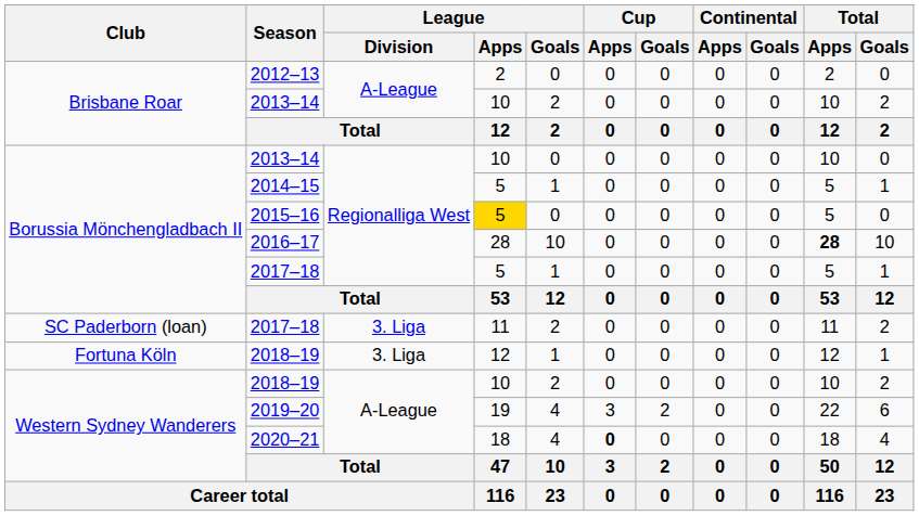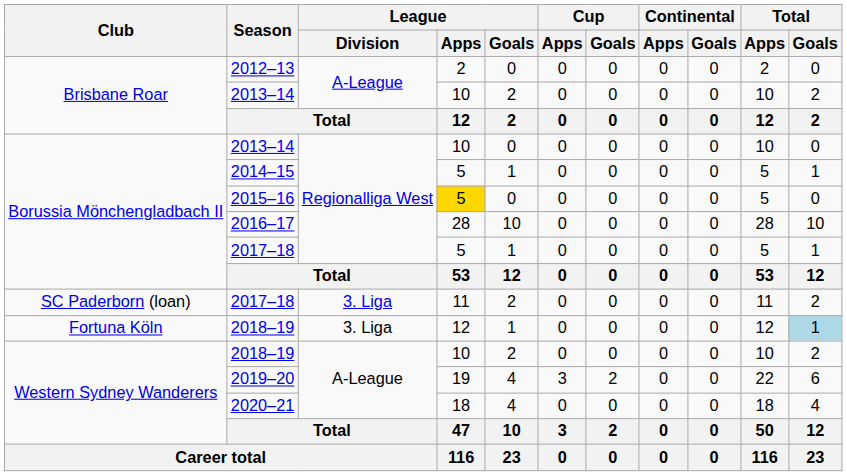 <table class="wikitable" style="text-align:center">
 <tr>
 <th rowspan="2">Club</th>
 <th rowspan="2">Season</th>
 <th colspan="3">League</th>
 <th colspan="2">Cup</th>
 <th colspan="2">Continental</th>
 <th colspan="2">Total</th>
 </tr>
 <tr>
 <th>Division</th>
 <th>Apps</th>
 <th>Goals</th>
 <th>Apps</th>
 <th>Goals</th>
 <th>Apps</th>
 <th>Goals</th>
 <th>Apps</th>
 <th>Goals</th>
 </tr>
 <tr>
 <td rowspan="3"><a href='#'>Brisbane Roar</a></td>
 <td><a href='#'>2012–13</a></td>
 <td rowspan="2"><a href='#'>A-League</a></td>
 <td>2</td>
 <td>0</td>
 <td>0</td>
 <td>0</td>
 <td>0</td>
 <td>0</td>
 <td>2</td>
 <td>0</td>
 </tr>
 <tr>
 <td><a href='#'>2013–14</a></td>
 <td>10</td>
 <td>2</td>
 <td>0</td>
 <td>0</td>
 <td>0</td>
 <td>0</td>
 <td>10</td>
 <td>2</td>
 </tr>
 <tr>
 <th colspan="2">Total</th>
 <th>12</th>
 <th>2</th>
 <th>0</th>
 <th>0</th>
 <th>0</th>
 <th>0</th>
 <th>12</th>
 <th>2</th>
 </tr>
 <tr>
 <td rowspan="6"><a href='#'>Borussia Mönchengladbach II</a></td>
 <td><a href='#'>2013–14</a></td>
 <td rowspan="5"><a href='#'>Regionalliga West</a></td>
 <td>10</td>
 <td>0</td>
 <td>0</td>
 <td>0</td>
 <td>0</td>
 <td>0</td>
 <td>10</td>
 <td>0</td>
 </tr>
 <tr>
 <td><a href='#'>2014–15</a></td>
 <td>5</td>
 <td>1</td>
 <td>0</td>
 <td>0</td>
 <td>0</td>
 <td>0</td>
 <td>5</td>
 <td>1</td>
 </tr>
 <tr>
 <td><a href='#'>2015–16</a></td>
 <td style="background: gold;">5</td>
 <td>0</td>
 <td>0</td>
 <td>0</td>
 <td>0</td>
 <td>0</td>
 <td>5</td>
 <td>0</td>
 </tr>
 <tr>
 <td><a href='#'>2016–17</a></td>
 <td>28</td>
 <td>10</td>
 <td>0</td>
 <td>0</td>
 <td>0</td>
 <td>0</td>
-<td><strong>28</strong></td>
+<td>28</td>
 <td>10</td>
 </tr>
 <tr>
 <td><a href='#'>2017–18</a></td>
 <td>5</td>
 <td>1</td>
 <td>0</td>
 <td>0</td>
 <td>0</td>
 <td>0</td>
 <td>5</td>
 <td>1</td>
 </tr>
 <tr>
 <th colspan="2">Total</th>
 <th>53</th>
 <th>12</th>
 <th>0</th>
 <th>0</th>
 <th>0</th>
 <th>0</th>
 <th>53</th>
 <th>12</th>
 </tr>
 <tr>
 <td><a href='#'>SC Paderborn</a> (loan)</td>
 <td><a href='#'>2017–18</a></td>
 <td><a href='#'>3. Liga</a></td>
 <td>11</td>
 <td>2</td>
 <td>0</td>
 <td>0</td>
 <td>0</td>
 <td>0</td>
 <td>11</td>
 <td>2</td>
 </tr>
 <tr>
 <td><a href='#'>Fortuna Köln</a></td>
 <td><a href='#'>2018–19</a></td>
 <td>3. Liga</td>
 <td>12</td>
 <td>1</td>
 <td>0</td>
 <td>0</td>
 <td>0</td>
 <td>0</td>
 <td>12</td>
-<td>1</td>
+<td style="background: lightblue;">1</td>
 </tr>
 <tr>
 <td rowspan="4"><a href='#'>Western Sydney Wanderers</a></td>
 <td><a href='#'>2018–19</a></td>
 <td rowspan="3">A-League</td>
 <td>10</td>
 <td>2</td>
 <td>0</td>
 <td>0</td>
 <td>0</td>
 <td>0</td>
 <td>10</td>
 <td>2</td>
 </tr>
 <tr>
 <td><a href='#'>2019–20</a></td>
 <td>19</td>
 <td>4</td>
 <td>3</td>
 <td>2</td>
 <td>0</td>
 <td>0</td>
 <td>22</td>
 <td>6</td>
 </tr>
 <tr>
 <td><a href='#'>2020–21</a></td>
 <td>18</td>
 <td>4</td>
-<td><strong>0</strong></td>
+<td>0</td>
 <td>0</td>
 <td>0</td>
 <td>0</td>
 <td>18</td>
 <td>4</td>
 </tr>
 <tr>
 <th colspan="2">Total</th>
 <th>47</th>
 <th>10</th>
 <th>3</th>
 <th>2</th>
 <th>0</th>
 <th>0</th>
 <th>50</th>
 <th>12</th>
 </tr>
 <tr>
 <th colspan="3">Career total</th>
 <th>116</th>
 <th>23</th>
 <th>0</th>
 <th>0</th>
 <th>0</th>
 <th>0</th>
 <th>116</th>
 <th>23</th>
 </tr>
 </table>
